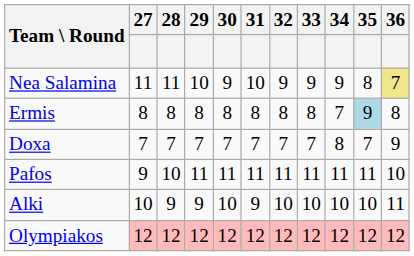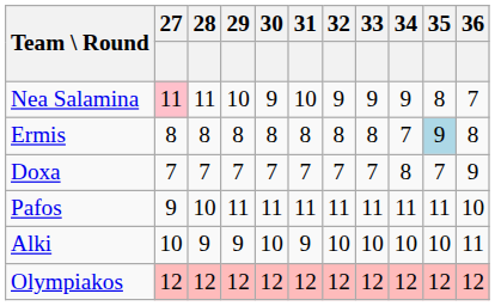 <table class="wikitable sortable" style="font-size: 100%; text-align:center;">
 <tr>
 <th rowspan="2">Team \ Round</th>
 <th align=center>27</th>
 <th align=center>28</th>
 <th align=center>29</th>
 <th align=center>30</th>
 <th align=center>31</th>
 <th align=center>32</th>
 <th align=center>33</th>
 <th align=center>34</th>
 <th align=center>35</th>
 <th align=center>36</th>
 </tr>
 <tr>
 <th style="text-align:center; height:20px;"></th>
 <th align=center></th>
 <th align=center></th>
 <th align=center></th>
 <th align=center></th>
 <th align=center></th>
 <th align=center></th>
 <th align=center></th>
 <th align=center></th>
 <th align=center></th>
 </tr>
 <tr align=center>
 <td align=left><a href='#'>Nea Salamina</a></td>
-<td>11</td>
+<td style="background: pink;">11</td>
 <td>11</td>
 <td>10</td>
 <td>9</td>
 <td>10</td>
 <td>9</td>
 <td>9</td>
 <td>9</td>
 <td>8</td>
-<td style="background: khaki;">7</td>
+<td>7</td>
 </tr>
 <tr align=center>
 <td align=left><a href='#'>Ermis</a></td>
 <td>8</td>
 <td>8</td>
 <td>8</td>
 <td>8</td>
 <td>8</td>
 <td>8</td>
 <td>8</td>
 <td>7</td>
 <td style="background: lightblue;">9</td>
 <td>8</td>
 </tr>
 <tr align=center>
 <td align=left><a href='#'>Doxa</a></td>
 <td>7</td>
 <td>7</td>
 <td>7</td>
 <td>7</td>
 <td>7</td>
 <td>7</td>
 <td>7</td>
 <td>8</td>
 <td>7</td>
 <td>9</td>
 </tr>
 <tr align=center>
 <td align=left><a href='#'>Pafos</a></td>
 <td>9</td>
 <td>10</td>
 <td>11</td>
 <td>11</td>
 <td>11</td>
 <td>11</td>
 <td>11</td>
 <td>11</td>
 <td>11</td>
 <td>10</td>
 </tr>
 <tr align=center>
 <td align=left><a href='#'>Alki</a></td>
 <td>10</td>
 <td>9</td>
 <td>9</td>
 <td>10</td>
 <td>9</td>
 <td>10</td>
 <td>10</td>
 <td>10</td>
 <td>10</td>
 <td>11</td>
 </tr>
 <tr align=center>
 <td align=left><a href='#'>Olympiakos</a></td>
 <td style="background:#FFBBBB">12</td>
 <td style="background:#FFBBBB">12</td>
 <td style="background:#FFBBBB">12</td>
 <td style="background:#FFBBBB">12</td>
 <td style="background:#FFBBBB">12</td>
 <td style="background:#FFBBBB">12</td>
 <td style="background:#FFBBBB">12</td>
 <td style="background:#FFBBBB">12</td>
 <td style="background:#FFBBBB">12</td>
 <td style="background:#FFBBBB">12</td>
 </tr>
 </table>
